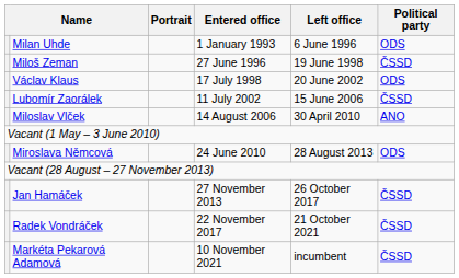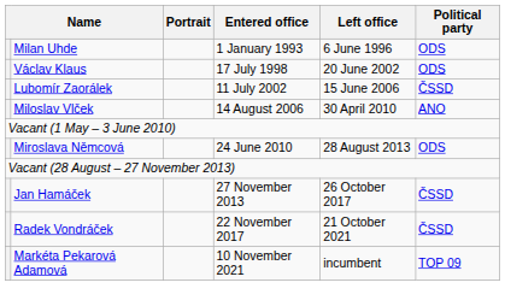 <table class="wikitable" width=50%>
 <tr>
 <th colspan=2>Name</th>
 <th>Portrait</th>
 <th>Entered office</th>
 <th>Left office</th>
 <th>Political party</th>
 </tr>
 <tr>
 <th style="background-color: "></th>
 <td><a href='#'>Milan Uhde</a></td>
 <td></td>
 <td>1 January 1993</td>
 <td>6 June 1996</td>
 <td><a href='#'>ODS</a></td>
-</tr>
-<tr>
-<th style="background-color: "></th>
-<td><a href='#'>Miloš Zeman</a></td>
-<td></td>
-<td>27 June 1996</td>
-<td>19 June 1998</td>
-<td><a href='#'>ČSSD</a></td>
 </tr>
 <tr>
 <th style="background-color: "></th>
 <td><a href='#'>Václav Klaus</a></td>
 <td></td>
 <td>17 July 1998</td>
 <td>20 June 2002</td>
 <td><a href='#'>ODS</a></td>
 </tr>
 <tr>
 <th style="background-color: "></th>
 <td><a href='#'>Lubomír Zaorálek</a></td>
 <td></td>
 <td>11 July 2002</td>
 <td>15 June 2006</td>
 <td><a href='#'>ČSSD</a></td>
 </tr>
 <tr>
 <th style="background-color: "></th>
 <td><a href='#'>Miloslav Vlček</a></td>
 <td></td>
 <td>14 August 2006</td>
 <td>30 April 2010</td>
 <td><a href='#'>ANO</a></td>
 </tr>
 <tr>
 <td colspan="6"><em>Vacant (1 May – 3 June 2010)</em></td>
 </tr>
 <tr>
 <th style="background-color: "></th>
 <td><a href='#'>Miroslava Němcová</a></td>
 <td></td>
 <td>24 June 2010</td>
 <td>28 August 2013</td>
 <td><a href='#'>ODS</a></td>
 </tr>
 <tr>
 <td colspan="6"><em>Vacant (28 August – 27 November 2013)</em></td>
 </tr>
 <tr>
 <th style="background-color: "></th>
 <td><a href='#'>Jan Hamáček</a></td>
 <td></td>
 <td>27 November 2013</td>
 <td>26 October 2017</td>
 <td><a href='#'>ČSSD</a></td>
 </tr>
 <tr>
 <th style="background-color: "></th>
 <td><a href='#'>Radek Vondráček</a></td>
 <td></td>
 <td>22 November 2017</td>
 <td>21 October 2021</td>
 <td><a href='#'>ČSSD</a></td>
 </tr>
 <tr>
 <th style="background-color: "></th>
 <td><a href='#'>Markéta Pekarová Adamová</a></td>
 <td></td>
 <td>10 November 2021</td>
 <td>incumbent</td>
-<td><a href='#'>ČSSD</a></td>
+<td><a href='#'>TOP 09</a></td>
 </tr>
 </table>
